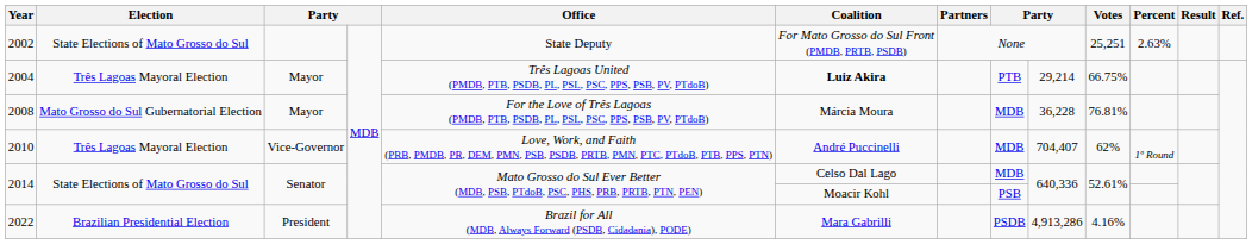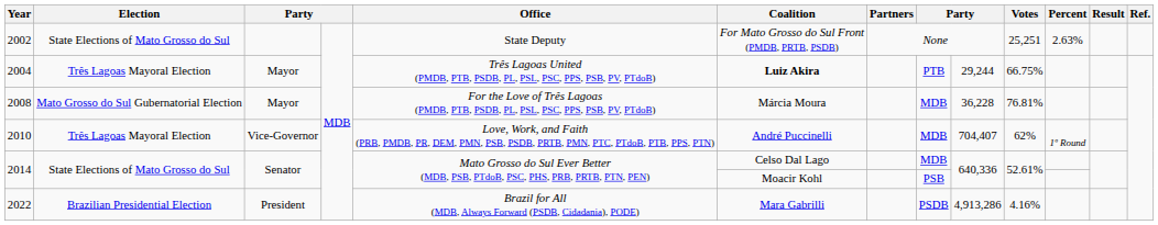 <table class="wikitable" style="text-align:center">
 <tr>
 <th>Year</th>
 <th>Election</th>
 <th colspan="2">Party</th>
 <th>Office</th>
 <th>Coalition</th>
 <th>Partners</th>
 <th colspan="2">Party</th>
 <th>Votes</th>
 <th>Percent</th>
 <th>Result</th>
 <th>Ref.</th>
 </tr>
 <tr>
 <td>2002</td>
 <td>State Elections of <a href='#'>Mato Grosso do Sul</a></td>
 <td style="background-color:"></td>
 <td rowspan="7"><a href='#'>MDB</a></td>
 <td>State Deputy</td>
 <td><em>For Mato Grosso do Sul Front</em><br><small>(<a href='#'>PMDB</a>, <a href='#'>PRTB</a>, <a href='#'>PSDB</a>)</small></td>
 <td colspan="3"><em>None</em></td>
 <td>25,251</td>
 <td>2.63%</td>
 <td></td>
 <td></td>
 </tr>
 <tr>
 <td>2004</td>
 <td><a href='#'>Três Lagoas</a> Mayoral Election</td>
 <td>Mayor</td>
 <td><em>Três Lagoas United</em><br><small>(<a href='#'>PMDB</a>, <a href='#'>PTB</a>, <a href='#'>PSDB</a>, <a href='#'>PL</a>, <a href='#'>PSL</a>, <a href='#'>PSC</a>, <a href='#'>PPS</a>, <a href='#'>PSB</a>, <a href='#'>PV</a>, <a href='#'>PTdoB</a>)</small></td>
 <td><strong>Luiz Akira</strong></td>
 <td style="background-color:"></td>
 <td><a href='#'>PTB</a></td>
-<td>29,214</td>
+<td>29,244</td>
 <td>66.75%</td>
 <td></td>
 <td></td>
 </tr>
 <tr>
 <td>2008</td>
 <td><a href='#'>Mato Grosso do Sul</a> Gubernatorial Election</td>
 <td>Mayor</td>
 <td><em>For the Love of Três Lagoas</em><br><small>(<a href='#'>PMDB</a>, <a href='#'>PTB</a>, <a href='#'>PSDB</a>, <a href='#'>PL</a>, <a href='#'>PSL</a>, <a href='#'>PSC</a>, <a href='#'>PPS</a>, <a href='#'>PSB</a>, <a href='#'>PV</a>, <a href='#'>PTdoB</a>)</small></td>
 <td>Márcia Moura</td>
 <td style="background-color:"></td>
 <td><a href='#'>MDB</a></td>
 <td>36,228</td>
 <td>76.81%</td>
 <td></td>
 <td></td>
 </tr>
 <tr>
 <td>2010</td>
 <td><a href='#'>Três Lagoas</a> Mayoral Election</td>
 <td>Vice-Governor</td>
 <td><em>Love, Work, and Faith</em><br><small>(<a href='#'>PRB</a>, <a href='#'>PMDB</a>, <a href='#'>PR</a>, <a href='#'>DEM</a>, <a href='#'>PMN</a>, <a href='#'>PSB</a>, <a href='#'>PSDB</a>, <a href='#'>PRTB</a>, <a href='#'>PMN</a>, <a href='#'>PTC</a>, <a href='#'>PTdoB</a>, <a href='#'>PTB</a>, <a href='#'>PPS</a>, <a href='#'>PTN</a>)</small></td>
 <td><a href='#'>André Puccinelli</a></td>
 <td style="background-color:"></td>
 <td><a href='#'>MDB</a></td>
 <td>704,407</td>
 <td>62%</td>
 <td><br><small><em>1º Round</em></small></td>
 <td></td>
 </tr>
 <tr>
 <td rowspan="2">2014</td>
 <td rowspan="2">State Elections of <a href='#'>Mato Grosso do Sul</a></td>
 <td rowspan="2">Senator</td>
 <td rowspan="2"><em>Mato Grosso do Sul Ever Better</em><br><small>(<a href='#'>MDB</a>, <a href='#'>PSB</a>, <a href='#'>PTdoB</a>, <a href='#'>PSC</a>, <a href='#'>PHS</a>, <a href='#'>PRB</a>, <a href='#'>PRTB</a>, <a href='#'>PTN</a>, <a href='#'>PEN</a>)</small></td>
 <td>Celso Dal Lago</td>
 <td style="background-color:"></td>
 <td><a href='#'>MDB</a></td>
 <td rowspan="2">640,336</td>
 <td rowspan="2">52.61%</td>
 <td></td>
 <td rowspan="2"></td>
 </tr>
 <tr>
 <td>Moacir Kohl</td>
 <td style="background-color:"></td>
 <td><a href='#'>PSB</a></td>
 <td></td>
 </tr>
 <tr>
 <td>2022</td>
 <td><a href='#'>Brazilian Presidential Election</a></td>
 <td>President</td>
 <td><em>Brazil for All</em><br><small>(<a href='#'>MDB</a>, <a href='#'>Always Forward</a> (<a href='#'>PSDB</a>, <a href='#'>Cidadania</a>), <a href='#'>PODE</a>)</small></td>
 <td><a href='#'>Mara Gabrilli</a></td>
 <td style="background-color:"></td>
 <td><a href='#'>PSDB</a></td>
 <td>4,913,286</td>
 <td>4.16%</td>
 <td></td>
 <td></td>
 </tr>
 </table>
